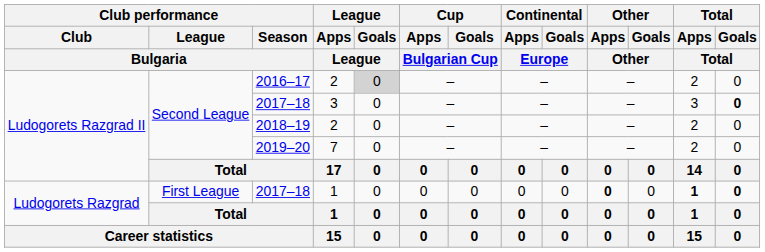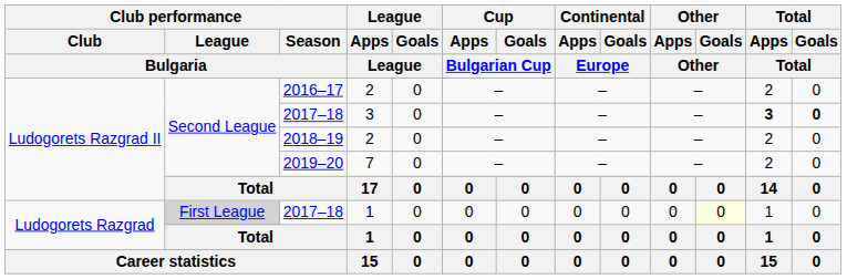 <table class="wikitable" style="text-align: center">
 <tr>
 <th colspan="3">Club performance</th>
 <th colspan="2">League</th>
 <th colspan="2">Cup</th>
 <th colspan="2">Continental</th>
 <th colspan="2">Other</th>
 <th colspan="3">Total</th>
 </tr>
 <tr>
 <th>Club</th>
 <th>League</th>
 <th>Season</th>
 <th>Apps</th>
 <th>Goals</th>
 <th>Apps</th>
 <th>Goals</th>
 <th>Apps</th>
 <th>Goals</th>
 <th>Apps</th>
 <th>Goals</th>
 <th>Apps</th>
 <th>Goals</th>
 </tr>
 <tr>
 <th colspan="3">Bulgaria</th>
 <th colspan="2">League</th>
 <th colspan="2"><a href='#'>Bulgarian Cup</a></th>
 <th colspan="2"><a href='#'>Europe</a></th>
 <th colspan="2">Other</th>
 <th colspan="2">Total</th>
 </tr>
 <tr>
 <td rowspan="5" valign="center"><a href='#'>Ludogorets Razgrad II</a></td>
 <td rowspan="4"><a href='#'>Second League</a></td>
 <td><a href='#'>2016–17</a></td>
 <td>2</td>
-<td style="background: lightgrey;">0</td>
+<td>0</td>
 <td colspan="2">–</td>
 <td colspan="2">–</td>
 <td colspan="2">–</td>
 <td>2</td>
 <td>0</td>
 </tr>
 <tr>
 <td><a href='#'>2017–18</a></td>
 <td>3</td>
 <td>0</td>
 <td colspan="2">–</td>
 <td colspan="2">–</td>
 <td colspan="2">–</td>
-<td>3</td>
+<td><strong>3</strong></td>
 <td><strong>0</strong></td>
 </tr>
 <tr>
 <td><a href='#'>2018–19</a></td>
 <td>2</td>
 <td>0</td>
 <td colspan="2">–</td>
 <td colspan="2">–</td>
 <td colspan="2">–</td>
 <td>2</td>
 <td>0</td>
 </tr>
 <tr>
 <td><a href='#'>2019–20</a></td>
 <td>7</td>
 <td>0</td>
 <td colspan="2">–</td>
 <td colspan="2">–</td>
 <td colspan="2">–</td>
 <td>2</td>
 <td>0</td>
 </tr>
 <tr>
 <th colspan=2>Total</th>
 <th>17</th>
 <th>0</th>
 <th>0</th>
 <th>0</th>
 <th>0</th>
 <th>0</th>
 <th>0</th>
 <th>0</th>
 <th>14</th>
 <th>0</th>
 </tr>
 <tr>
 <td rowspan="2" valign="center"><a href='#'>Ludogorets Razgrad</a></td>
-<td rowspan="1"><a href='#'>First League</a></td>
+<td rowspan="1" style="background: lightgrey;"><a href='#'>First League</a></td>
 <td><a href='#'>2017–18</a></td>
 <td>1</td>
 <td>0</td>
 <td>0</td>
 <td>0</td>
 <td>0</td>
 <td>0</td>
-<td><strong>0</strong></td>
 <td>0</td>
-<td><strong>1</strong></td>
-<td><strong>0</strong></td>
+<td style="background: lightyellow;">0</td>
+<td>1</td>
+<td>0</td>
 </tr>
 <tr>
 <th colspan=2>Total</th>
 <th>1</th>
 <th>0</th>
 <th>0</th>
 <th>0</th>
 <th>0</th>
 <th>0</th>
 <th>0</th>
 <th>0</th>
 <th>1</th>
 <th>0</th>
 </tr>
 <tr>
 <th colspan="3">Career statistics</th>
 <th>15</th>
 <th>0</th>
 <th>0</th>
 <th>0</th>
 <th>0</th>
 <th>0</th>
 <th>0</th>
 <th>0</th>
 <th>15</th>
 <th>0</th>
 </tr>
 </table>
